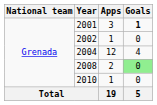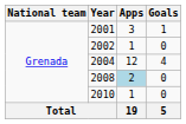 <table class="wikitable" style="text-align:center">
 <tr>
 <th>National team</th>
 <th>Year</th>
 <th>Apps</th>
 <th>Goals</th>
 </tr>
 <tr>
 <td rowspan="5"><a href='#'>Grenada</a></td>
 <td>2001</td>
 <td>3</td>
-<td><strong>1</strong></td>
+<td>1</td>
 </tr>
 <tr>
 <td>2002</td>
 <td>1</td>
 <td>0</td>
 </tr>
 <tr>
 <td>2004</td>
 <td>12</td>
 <td>4</td>
 </tr>
 <tr>
 <td>2008</td>
-<td>2</td>
-<td style="background: lightgreen;">0</td>
+<td style="background: lightblue;">2</td>
+<td>0</td>
 </tr>
 <tr>
 <td>2010</td>
 <td>1</td>
 <td>0</td>
 </tr>
 <tr>
 <th colspan="2">Total</th>
 <th>19</th>
 <th>5</th>
 </tr>
 </table>
